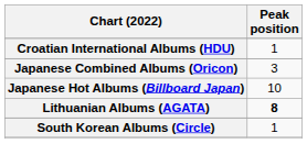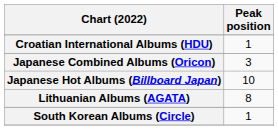 <table class="wikitable sortable plainrowheaders" style="text-align:center;">
 <tr>
 <th scope="col">Chart (2022)</th>
 <th scope="col">Peak<br>position</th>
 </tr>
 <tr>
 </tr>
 <tr>
 </tr>
 <tr>
 </tr>
 <tr>
 </tr>
 <tr>
 </tr>
 <tr>
 <th scope="row">Croatian International Albums (<a href='#'>HDU</a>)</th>
 <td>1</td>
 </tr>
 <tr>
 </tr>
 <tr>
 </tr>
 <tr>
 </tr>
 <tr>
 </tr>
 <tr>
 </tr>
 <tr>
 </tr>
 <tr>
 </tr>
 <tr>
 <th scope="row">Japanese Combined Albums (<a href='#'>Oricon</a>)</th>
 <td>3</td>
 </tr>
 <tr>
 <th scope="row">Japanese Hot Albums (<em><a href='#'>Billboard Japan</a></em>)</th>
 <td>10</td>
 </tr>
 <tr>
 <th scope="row">Lithuanian Albums (<a href='#'>AGATA</a>)</th>
-<td><strong>8</strong></td>
+<td>8</td>
 </tr>
 <tr>
 </tr>
 <tr>
 </tr>
 <tr>
 <th scope="row">South Korean Albums (<a href='#'>Circle</a>)</th>
 <td>1</td>
 </tr>
 <tr>
 </tr>
 <tr>
 </tr>
 <tr>
 </tr>
 <tr>
 </tr>
 <tr>
 </tr>
 <tr>
 </tr>
 <tr>
 </tr>
 </table>
